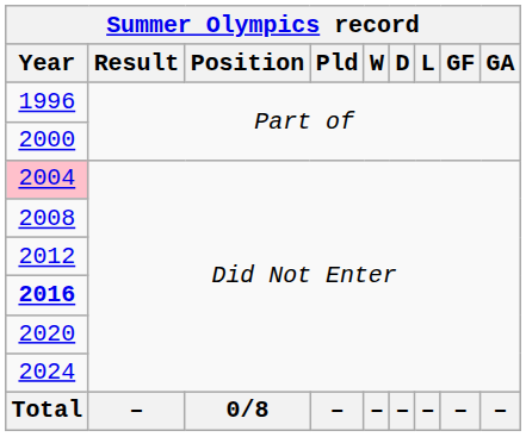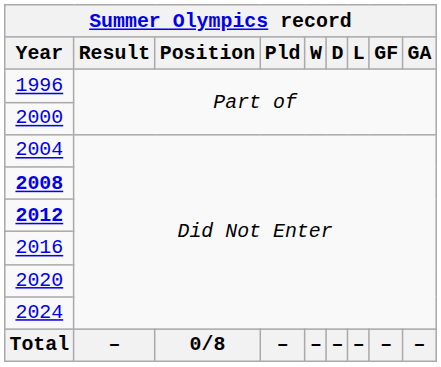 <table class="wikitable" style="text-align: center;">
 <tr>
 <th colspan=9><a href='#'>Summer Olympics</a> record</th>
 </tr>
 <tr>
 <th>Year</th>
 <th>Result</th>
 <th>Position</th>
 <th>Pld</th>
 <th>W</th>
 <th>D</th>
 <th>L</th>
 <th>GF</th>
 <th>GA</th>
 </tr>
 <tr>
 <td> <a href='#'>1996</a></td>
 <td colspan=8 rowspan=2><em>Part of </em></td>
 </tr>
 <tr>
 <td> <a href='#'>2000</a></td>
 </tr>
 <tr>
-<td style="background: pink;"> <a href='#'>2004</a></td>
+<td> <a href='#'>2004</a></td>
 <td colspan=8 rowspan=6><em>Did Not Enter</em></td>
 </tr>
 <tr>
-<td> <a href='#'>2008</a></td>
+<td><strong> <a href='#'>2008</a></strong></td>
 </tr>
 <tr>
-<td> <a href='#'>2012</a></td>
+<td><strong> <a href='#'>2012</a></strong></td>
 </tr>
 <tr>
-<td><strong> <a href='#'>2016</a></strong></td>
+<td> <a href='#'>2016</a></td>
 </tr>
 <tr>
 <td> <a href='#'>2020</a></td>
 </tr>
 <tr>
 <td> <a href='#'>2024</a></td>
 </tr>
 <tr>
 <th><strong>Total</strong></th>
 <th>–</th>
 <th>0/8</th>
 <th><strong>–</strong></th>
 <th><strong>–</strong></th>
 <th><strong>–</strong></th>
 <th><strong>–</strong></th>
 <th><strong>–</strong></th>
 <th><strong>–</strong></th>
 </tr>
 </table>
